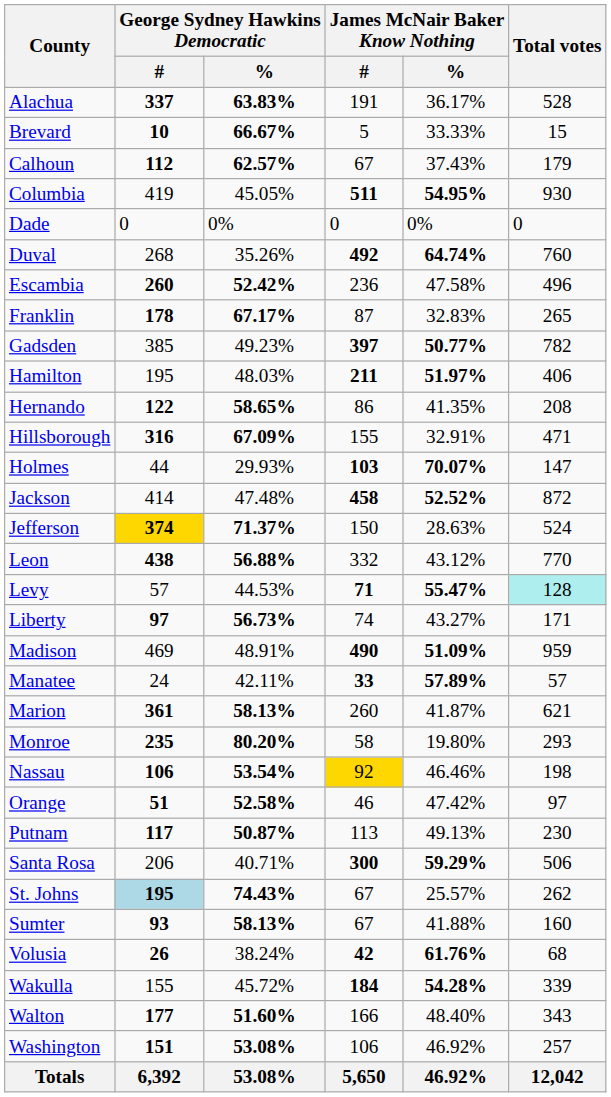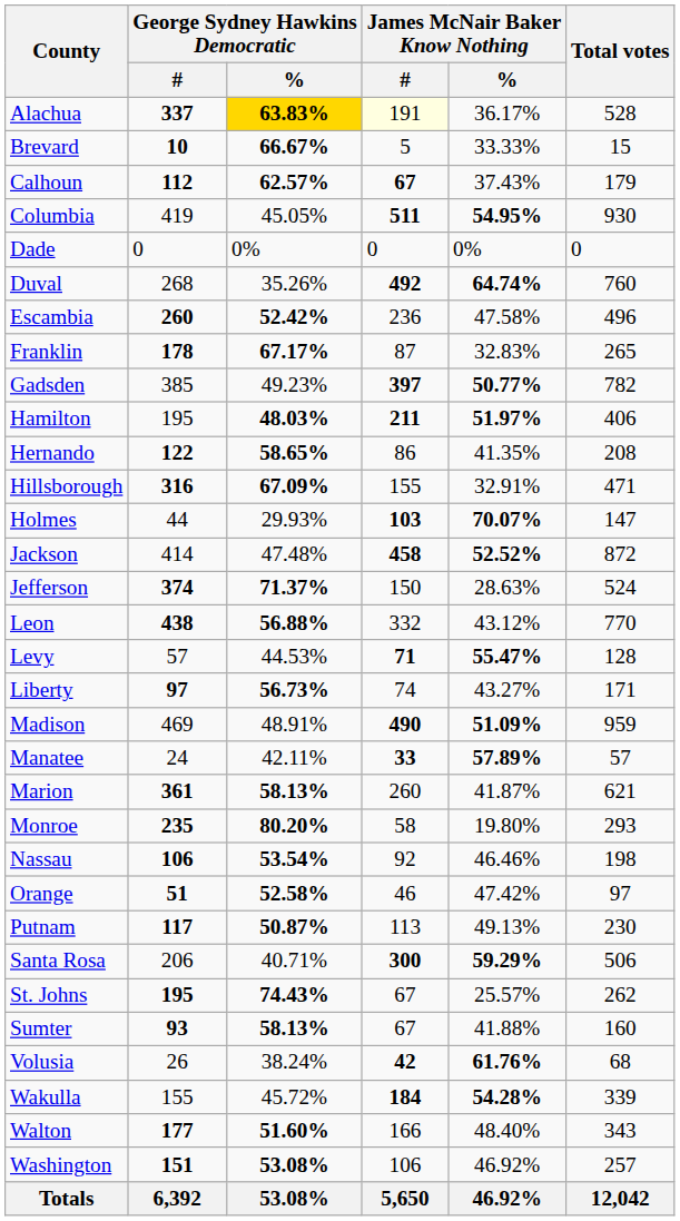 <table class="wikitable sortable">
 <tr>
 <th rowspan="2">County</th>
 <th colspan="2" style="text-align: center;" >George Sydney Hawkins <br> <em>Democratic</em></th>
 <th colspan="2" style="text-align: center;" >James McNair Baker <br><em>Know Nothing</em></th>
 <th rowspan="2">Total votes</th>
 </tr>
 <tr>
 <th colspan="1" style="text-align: center;" >#</th>
 <th colspan="1" style="text-align: center;" >%</th>
 <th colspan="1" style="text-align: center;" >#</th>
 <th colspan="1" style="text-align: center;" >%</th>
 </tr>
 <tr>
 <td><a href='#'>Alachua</a></td>
 <td align="center"><strong>337</strong></td>
-<td align="center"><strong>63.83%</strong></td>
-<td align="center">191</td>
+<td align="center" style="background: gold;"><strong>63.83%</strong></td>
+<td align="center" style="background: lightyellow;">191</td>
 <td align="center">36.17%</td>
 <td align="center">528</td>
 </tr>
 <tr>
 <td><a href='#'>Brevard</a></td>
 <td align="center"><strong>10</strong></td>
 <td align="center"><strong>66.67%</strong></td>
 <td align="center">5</td>
 <td align="center">33.33%</td>
 <td align="center">15</td>
 </tr>
 <tr>
 <td><a href='#'>Calhoun</a></td>
 <td align="center"><strong>112</strong></td>
 <td align="center"><strong>62.57%</strong></td>
-<td align="center">67</td>
+<td align="center"><strong>67</strong></td>
 <td align="center">37.43%</td>
 <td align="center">179</td>
 </tr>
 <tr>
 <td><a href='#'>Columbia</a></td>
 <td align="center">419</td>
 <td align="center">45.05%</td>
 <td align="center"><strong>511</strong></td>
 <td align="center"><strong>54.95%</strong></td>
 <td align="center">930</td>
 </tr>
 <tr>
 <td><a href='#'>Dade</a></td>
 <td>0</td>
 <td>0%</td>
 <td>0</td>
 <td>0%</td>
 <td>0</td>
 </tr>
 <tr>
 <td><a href='#'>Duval</a></td>
 <td align="center">268</td>
 <td align="center">35.26%</td>
 <td align="center"><strong>492</strong></td>
 <td align="center"><strong>64.74%</strong></td>
 <td align="center">760</td>
 </tr>
 <tr>
 <td><a href='#'>Escambia</a></td>
 <td align="center"><strong>260</strong></td>
 <td align="center"><strong>52.42%</strong></td>
 <td align="center">236</td>
 <td align="center">47.58%</td>
 <td align="center">496</td>
 </tr>
 <tr>
 <td><a href='#'>Franklin</a></td>
 <td align="center"><strong>178</strong></td>
 <td align="center"><strong>67.17%</strong></td>
 <td align="center">87</td>
 <td align="center">32.83%</td>
 <td align="center">265</td>
 </tr>
 <tr>
 <td><a href='#'>Gadsden</a></td>
 <td align="center">385</td>
 <td align="center">49.23%</td>
 <td align="center"><strong>397</strong></td>
 <td align="center"><strong>50.77%</strong></td>
 <td align="center">782</td>
 </tr>
 <tr>
 <td><a href='#'>Hamilton</a></td>
 <td align="center">195</td>
-<td align="center">48.03%</td>
+<td align="center"><strong>48.03%</strong></td>
 <td align="center"><strong>211</strong></td>
 <td align="center"><strong>51.97%</strong></td>
 <td align="center">406</td>
 </tr>
 <tr>
 <td><a href='#'>Hernando</a></td>
 <td align="center"><strong>122</strong></td>
 <td align="center"><strong>58.65%</strong></td>
 <td align="center">86</td>
 <td align="center">41.35%</td>
 <td align="center">208</td>
 </tr>
 <tr>
 <td><a href='#'>Hillsborough</a></td>
 <td align="center"><strong>316</strong></td>
 <td align="center"><strong>67.09%</strong></td>
 <td align="center">155</td>
 <td align="center">32.91%</td>
 <td align="center">471</td>
 </tr>
 <tr>
 <td><a href='#'>Holmes</a></td>
 <td align="center">44</td>
 <td align="center">29.93%</td>
 <td align="center"><strong>103</strong></td>
 <td align="center"><strong>70.07%</strong></td>
 <td align="center">147</td>
 </tr>
 <tr>
 <td><a href='#'>Jackson</a></td>
 <td align="center">414</td>
 <td align="center">47.48%</td>
 <td align="center"><strong>458</strong></td>
 <td align="center"><strong>52.52%</strong></td>
 <td align="center">872</td>
 </tr>
 <tr>
 <td><a href='#'>Jefferson</a></td>
-<td align="center" style="background: gold;"><strong>374</strong></td>
+<td align="center"><strong>374</strong></td>
 <td align="center"><strong>71.37%</strong></td>
 <td align="center">150</td>
 <td align="center">28.63%</td>
 <td align="center">524</td>
 </tr>
 <tr>
 <td><a href='#'>Leon</a></td>
 <td align="center"><strong>438</strong></td>
 <td align="center"><strong>56.88%</strong></td>
 <td align="center">332</td>
 <td align="center">43.12%</td>
 <td align="center">770</td>
 </tr>
 <tr>
 <td><a href='#'>Levy</a></td>
 <td align="center">57</td>
 <td align="center">44.53%</td>
 <td align="center"><strong>71</strong></td>
 <td align="center"><strong>55.47%</strong></td>
-<td align="center" style="background: paleturquoise;">128</td>
+<td align="center">128</td>
 </tr>
 <tr>
 <td><a href='#'>Liberty</a></td>
 <td align="center"><strong>97</strong></td>
 <td align="center"><strong>56.73%</strong></td>
 <td align="center">74</td>
 <td align="center">43.27%</td>
 <td align="center">171</td>
 </tr>
 <tr>
 <td><a href='#'>Madison</a></td>
 <td align="center">469</td>
 <td align="center">48.91%</td>
 <td align="center"><strong>490</strong></td>
 <td align="center"><strong>51.09%</strong></td>
 <td align="center">959</td>
 </tr>
 <tr>
 <td><a href='#'>Manatee</a></td>
 <td align="center">24</td>
 <td align="center">42.11%</td>
 <td align="center"><strong>33</strong></td>
 <td align="center"><strong>57.89%</strong></td>
 <td align="center">57</td>
 </tr>
 <tr>
 <td><a href='#'>Marion</a></td>
 <td align="center"><strong>361</strong></td>
 <td align="center"><strong>58.13%</strong></td>
 <td align="center">260</td>
 <td align="center">41.87%</td>
 <td align="center">621</td>
 </tr>
 <tr>
 <td><a href='#'>Monroe</a></td>
 <td align="center"><strong>235</strong></td>
 <td align="center"><strong>80.20%</strong></td>
 <td align="center">58</td>
 <td align="center">19.80%</td>
 <td align="center">293</td>
 </tr>
 <tr>
 <td><a href='#'>Nassau</a></td>
 <td align="center"><strong>106</strong></td>
 <td align="center"><strong>53.54%</strong></td>
-<td align="center" style="background: gold;">92</td>
+<td align="center">92</td>
 <td align="center">46.46%</td>
 <td align="center">198</td>
 </tr>
 <tr>
 <td><a href='#'>Orange</a></td>
 <td align="center"><strong>51</strong></td>
 <td align="center"><strong>52.58%</strong></td>
 <td align="center">46</td>
 <td align="center">47.42%</td>
 <td align="center">97</td>
 </tr>
 <tr>
 <td><a href='#'>Putnam</a></td>
 <td align="center"><strong>117</strong></td>
 <td align="center"><strong>50.87%</strong></td>
 <td align="center">113</td>
 <td align="center">49.13%</td>
 <td align="center">230</td>
 </tr>
 <tr>
 <td><a href='#'>Santa Rosa</a></td>
 <td align="center">206</td>
 <td align="center">40.71%</td>
 <td align="center"><strong>300</strong></td>
 <td align="center"><strong>59.29%</strong></td>
 <td align="center">506</td>
 </tr>
 <tr>
 <td><a href='#'>St. Johns</a></td>
-<td align="center" style="background: lightblue;"><strong>195</strong></td>
+<td align="center"><strong>195</strong></td>
 <td align="center"><strong>74.43%</strong></td>
 <td align="center">67</td>
 <td align="center">25.57%</td>
 <td align="center">262</td>
 </tr>
 <tr>
 <td><a href='#'>Sumter</a></td>
 <td align="center"><strong>93</strong></td>
 <td align="center"><strong>58.13%</strong></td>
 <td align="center">67</td>
 <td align="center">41.88%</td>
 <td align="center">160</td>
 </tr>
 <tr>
 <td><a href='#'>Volusia</a></td>
-<td align="center"><strong>26</strong></td>
+<td align="center">26</td>
 <td align="center">38.24%</td>
 <td align="center"><strong>42</strong></td>
 <td align="center"><strong>61.76%</strong></td>
 <td align="center">68</td>
 </tr>
 <tr>
 <td><a href='#'>Wakulla</a></td>
 <td align="center">155</td>
 <td align="center">45.72%</td>
 <td align="center"><strong>184</strong></td>
 <td align="center"><strong>54.28%</strong></td>
 <td align="center">339</td>
 </tr>
 <tr>
 <td><a href='#'>Walton</a></td>
 <td align="center"><strong>177</strong></td>
 <td align="center"><strong>51.60%</strong></td>
 <td align="center">166</td>
 <td align="center">48.40%</td>
 <td align="center">343</td>
 </tr>
 <tr>
 <td><a href='#'>Washington</a></td>
 <td align="center"><strong>151</strong></td>
 <td align="center"><strong>53.08%</strong></td>
 <td align="center">106</td>
 <td align="center">46.92%</td>
 <td align="center">257</td>
 </tr>
 <tr>
 <th>Totals</th>
 <th><strong>6,392</strong></th>
 <th><strong>53.08%</strong></th>
 <th><strong>5,650</strong></th>
 <th><strong>46.92%</strong></th>
 <th>12,042</th>
 </tr>
 </table>
